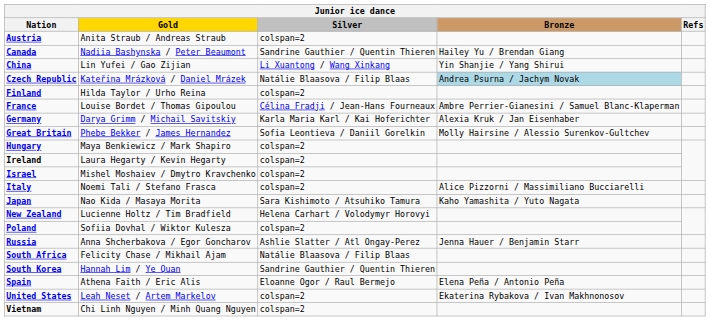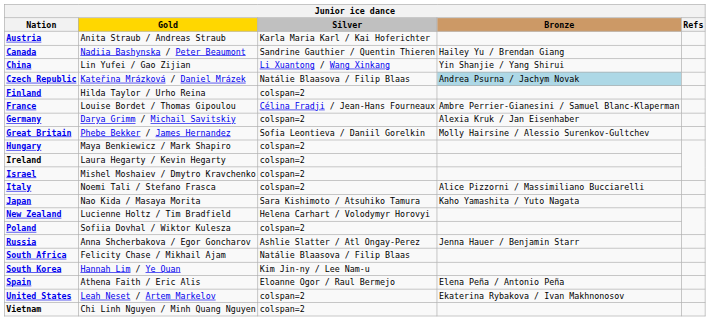 <table class="wikitable">
 <tr>
 <th colspan=5>Junior ice dance</th>
 </tr>
 <tr>
 <th>Nation</th>
 <td style="text-align:center; background:gold;"><strong>Gold</strong></td>
 <td style="text-align:center; background:silver;"><strong>Silver</strong></td>
 <td style="text-align:center; background:#c96;"><strong>Bronze</strong></td>
 <th>Refs</th>
 </tr>
 <tr>
 <td><strong> <a href='#'>Austria</a></strong></td>
 <td>Anita Straub / Andreas Straub</td>
-<td>colspan=2 </td>
+<td>Karla Maria Karl / Kai Hoferichter</td>
 <td></td>
 </tr>
 <tr>
 <td><strong> <a href='#'>Canada</a></strong></td>
 <td><a href='#'>Nadiia Bashynska</a> / <a href='#'>Peter Beaumont</a></td>
 <td>Sandrine Gauthier / Quentin Thieren</td>
 <td>Hailey Yu / Brendan Giang</td>
 <td></td>
 </tr>
 <tr>
 <td><strong> <a href='#'>China</a></strong></td>
 <td>Lin Yufei / Gao Zijian</td>
 <td><a href='#'>Li Xuantong</a> / <a href='#'>Wang Xinkang</a></td>
 <td>Yin Shanjie / Yang Shirui</td>
 <td></td>
 </tr>
 <tr>
 <td><strong> <a href='#'>Czech Republic</a></strong></td>
 <td><a href='#'>Kateřina Mrázková</a> / <a href='#'>Daniel Mrázek</a></td>
 <td>Natálie Blaasova / Filip Blaas</td>
 <td style="background: lightblue;">Andrea Psurna / Jachym Novak</td>
 <td></td>
 </tr>
 <tr>
 <td><strong> <a href='#'>Finland</a></strong></td>
 <td>Hilda Taylor / Urho Reina</td>
 <td>colspan=2 </td>
 <td></td>
 </tr>
 <tr>
 <td><strong> <a href='#'>France</a></strong></td>
 <td>Louise Bordet / Thomas Gipoulou</td>
 <td><a href='#'>Célina Fradji</a> / Jean-Hans Fourneaux</td>
 <td>Ambre Perrier-Gianesini / Samuel Blanc-Klaperman</td>
 <td></td>
 </tr>
 <tr>
 <td><strong> <a href='#'>Germany</a></strong></td>
 <td><a href='#'>Darya Grimm</a> / <a href='#'>Michail Savitskiy</a></td>
-<td>Karla Maria Karl / Kai Hoferichter</td>
+<td>colspan=2 </td>
 <td>Alexia Kruk / Jan Eisenhaber</td>
 <td></td>
 </tr>
 <tr>
 <td><strong> <a href='#'>Great Britain</a></strong></td>
 <td><a href='#'>Phebe Bekker</a> / <a href='#'>James Hernandez</a></td>
 <td>Sofia Leontieva / Daniil Gorelkin</td>
 <td>Molly Hairsine / Alessio Surenkov-Gultchev</td>
 <td></td>
 </tr>
 <tr>
 <td><strong> <a href='#'>Hungary</a></strong></td>
 <td>Maya Benkiewicz / Mark Shapiro</td>
 <td>colspan=2 </td>
 <td></td>
 </tr>
 <tr>
 <td><strong> Ireland</strong></td>
 <td>Laura Hegarty / Kevin Hegarty</td>
 <td>colspan=2 </td>
 <td></td>
 </tr>
 <tr>
 <td><strong> <a href='#'>Israel</a></strong></td>
 <td>Mishel Moshaiev / Dmytro Kravchenko</td>
 <td>colspan=2 </td>
 <td></td>
 </tr>
 <tr>
 <td><strong> <a href='#'>Italy</a></strong></td>
 <td>Noemi Tali / Stefano Frasca</td>
 <td>colspan=2 </td>
 <td>Alice Pizzorni / Massimiliano Bucciarelli</td>
 <td></td>
 </tr>
 <tr>
 <td><strong> <a href='#'>Japan</a></strong></td>
 <td>Nao Kida / Masaya Morita</td>
 <td>Sara Kishimoto / Atsuhiko Tamura</td>
 <td>Kaho Yamashita / Yuto Nagata</td>
 <td></td>
 </tr>
 <tr>
 <td><strong> <a href='#'>New Zealand</a></strong></td>
 <td>Lucienne Holtz / Tim Bradfield</td>
 <td>Helena Carhart / Volodymyr Horovyi</td>
 <td></td>
 </tr>
 <tr>
 <td><strong> <a href='#'>Poland</a></strong></td>
 <td>Sofiia Dovhal / Wiktor Kulesza</td>
 <td>colspan=2  </td>
 <td></td>
 </tr>
 <tr>
 <td><strong> <a href='#'>Russia</a></strong></td>
 <td>Anna Shcherbakova / Egor Goncharov</td>
 <td>Ashlie Slatter / Atl Ongay-Perez</td>
 <td>Jenna Hauer / Benjamin Starr</td>
 <td></td>
 </tr>
 <tr>
 <td><strong> <a href='#'>South Africa</a></strong></td>
 <td>Felicity Chase / Mikhail Ajam</td>
 <td>Natálie Blaasova / Filip Blaas</td>
 <td></td>
 </tr>
 <tr>
 <td><strong> <a href='#'>South Korea</a></strong></td>
 <td><a href='#'>Hannah Lim</a> / <a href='#'>Ye Quan</a></td>
-<td>Sandrine Gauthier / Quentin Thieren</td>
+<td>Kim Jin-ny / Lee Nam-u</td>
 <td></td>
 <td></td>
 </tr>
 <tr>
 <td><strong> <a href='#'>Spain</a></strong></td>
 <td>Athena Faith / Eric Alis</td>
 <td>Eloanne Ogor / Raul Bermejo</td>
 <td>Elena Peña / Antonio Peña</td>
 <td></td>
 </tr>
 <tr>
 <td><strong> <a href='#'>United States</a></strong></td>
 <td><a href='#'>Leah Neset</a> / <a href='#'>Artem Markelov</a></td>
 <td>colspan=2 </td>
 <td>Ekaterina Rybakova / Ivan Makhnonosov</td>
 <td></td>
 </tr>
 <tr>
 <td><strong> Vietnam</strong></td>
 <td>Chi Linh Nguyen / Minh Quang Nguyen</td>
 <td>colspan=2 </td>
 <td></td>
 </tr>
 </table>
